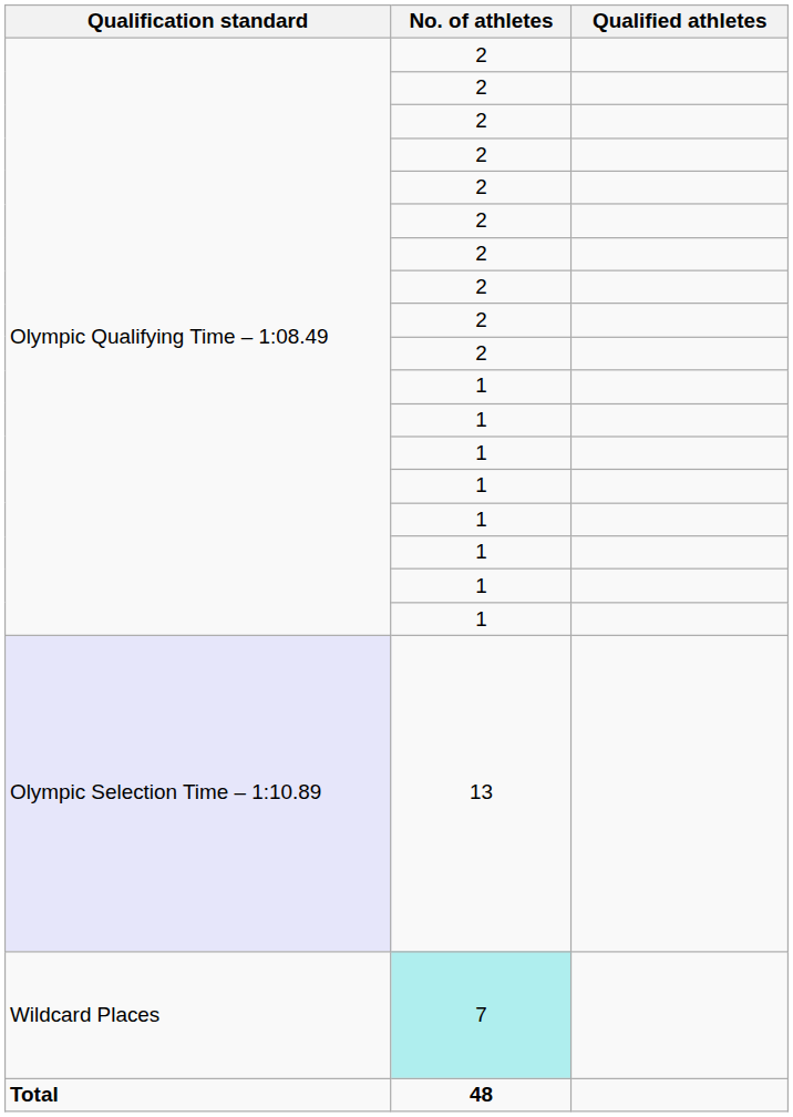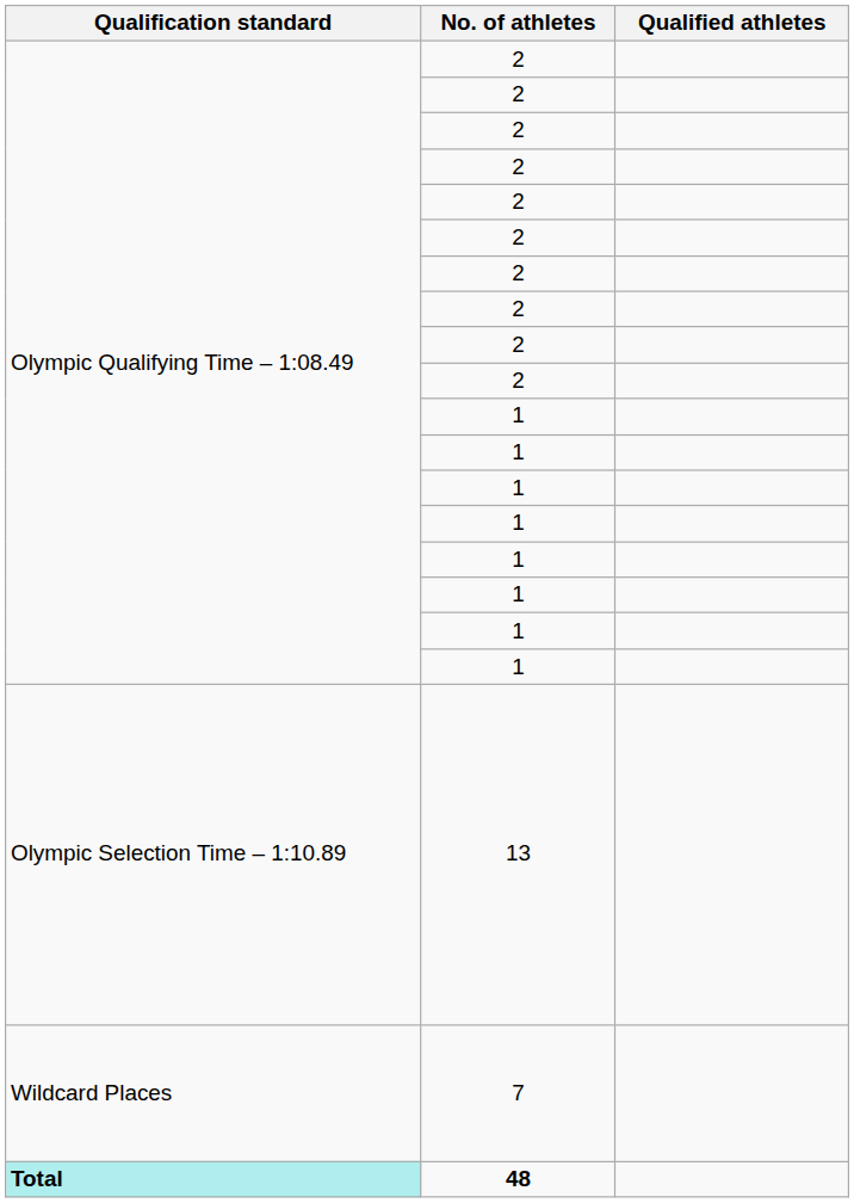 <table class=wikitable style="text-align:left" width=600>
 <tr>
 <th>Qualification standard</th>
 <th>No. of athletes</th>
 <th>Qualified athletes</th>
 </tr>
 <tr>
 <td rowspan="18">Olympic Qualifying Time – 1:08.49</td>
 <td align=center>2</td>
 <td><br></td>
 </tr>
 <tr>
 <td align=center>2</td>
 <td><br></td>
 </tr>
 <tr>
 <td align=center>2</td>
 <td><br></td>
 </tr>
 <tr>
 <td align=center>2</td>
 <td><br></td>
 </tr>
 <tr>
 <td align=center>2</td>
 <td><br></td>
 </tr>
 <tr>
 <td align=center>2</td>
 <td><br></td>
 </tr>
 <tr>
 <td align=center>2</td>
 <td><br></td>
 </tr>
 <tr>
 <td align=center>2</td>
 <td><br></td>
 </tr>
 <tr>
 <td align=center>2</td>
 <td><br></td>
 </tr>
 <tr>
 <td align=center>2</td>
 <td><br></td>
 </tr>
 <tr>
 <td align=center>1</td>
 <td></td>
 </tr>
 <tr>
 <td align=center>1</td>
 <td></td>
 </tr>
 <tr>
 <td align=center>1</td>
 <td></td>
 </tr>
 <tr>
 <td align=center>1</td>
 <td></td>
 </tr>
 <tr>
 <td align=center>1</td>
 <td></td>
 </tr>
 <tr>
 <td align=center>1</td>
 <td></td>
 </tr>
 <tr>
 <td align=center>1</td>
 <td></td>
 </tr>
 <tr>
 <td align=center>1</td>
 <td></td>
 </tr>
 <tr>
-<td rowspan="1" style="background: lavender;">Olympic Selection Time – 1:10.89</td>
+<td rowspan="1">Olympic Selection Time – 1:10.89</td>
 <td align=center>13</td>
 <td><br> <br>  <br>  <br>  <br> <br> <br> <br><br><br> <br> <br><br></td>
 </tr>
 <tr>
 <td rowspan="1">Wildcard Places</td>
-<td align=center style="background: paleturquoise;">7</td>
+<td align=center>7</td>
 <td><br><br><br><br><br></td>
 </tr>
 <tr>
-<td><strong>Total</strong></td>
+<td style="background: paleturquoise;"><strong>Total</strong></td>
 <td align=center><strong>48</strong></td>
 <td></td>
 </tr>
 </table>
